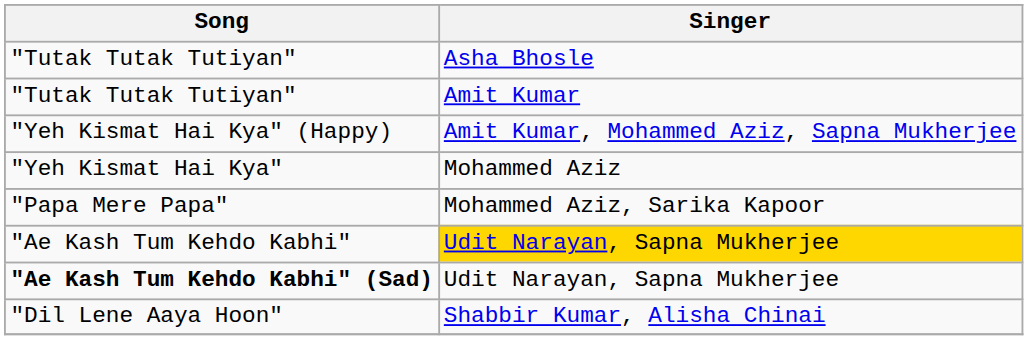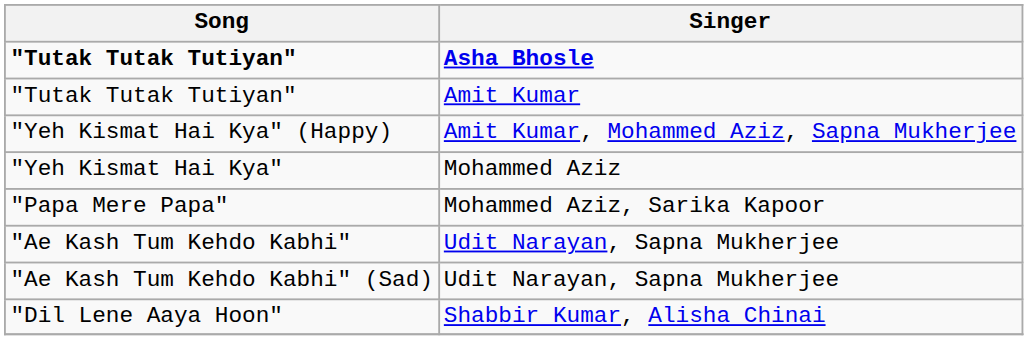 <table class="wikitable" style="font-size:95%;">
 <tr>
 <th>Song</th>
 <th>Singer</th>
 </tr>
 <tr>
-<td>"Tutak Tutak Tutiyan"</td>
-<td><a href='#'>Asha Bhosle</a></td>
+<td><strong>"Tutak Tutak Tutiyan"</strong></td>
+<td><strong><a href='#'>Asha Bhosle</a></strong></td>
 </tr>
 <tr>
 <td>"Tutak Tutak Tutiyan"</td>
 <td><a href='#'>Amit Kumar</a></td>
 </tr>
 <tr>
 <td>"Yeh Kismat Hai Kya" (Happy)</td>
 <td><a href='#'>Amit Kumar</a>, <a href='#'>Mohammed Aziz</a>, <a href='#'>Sapna Mukherjee</a></td>
 </tr>
 <tr>
 <td>"Yeh Kismat Hai Kya"</td>
 <td>Mohammed Aziz</td>
 </tr>
 <tr>
 <td>"Papa Mere Papa"</td>
 <td>Mohammed Aziz, Sarika Kapoor</td>
 </tr>
 <tr>
 <td>"Ae Kash Tum Kehdo Kabhi"</td>
-<td style="background: gold;"><a href='#'>Udit Narayan</a>, Sapna Mukherjee</td>
+<td><a href='#'>Udit Narayan</a>, Sapna Mukherjee</td>
 </tr>
 <tr>
-<td><strong>"Ae Kash Tum Kehdo Kabhi" (Sad)</strong></td>
+<td>"Ae Kash Tum Kehdo Kabhi" (Sad)</td>
 <td>Udit Narayan, Sapna Mukherjee</td>
 </tr>
 <tr>
 <td>"Dil Lene Aaya Hoon"</td>
 <td><a href='#'>Shabbir Kumar</a>, <a href='#'>Alisha Chinai</a></td>
 </tr>
 <tr>
 </tr>
 </table>
